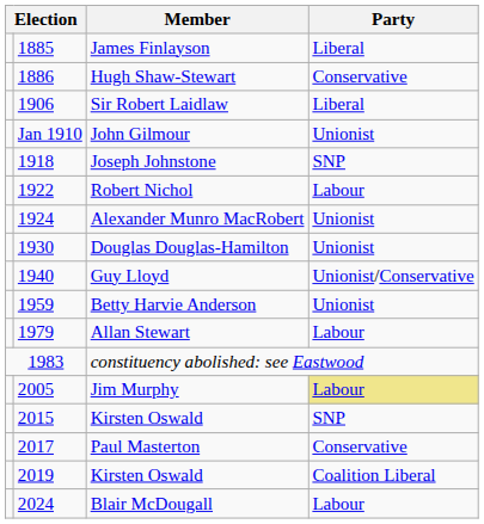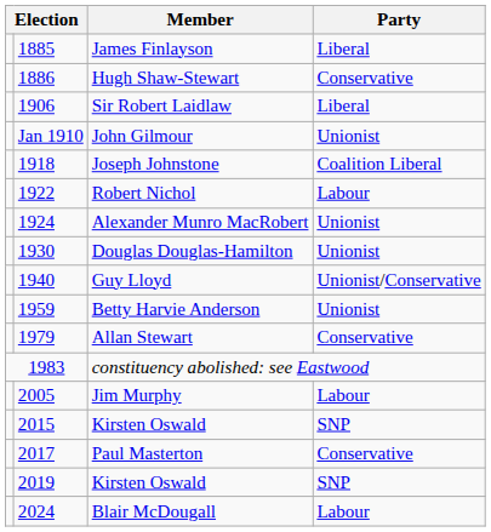 <table class="wikitable">
 <tr>
 <th colspan="2">Election</th>
 <th>Member</th>
 <th>Party</th>
 </tr>
 <tr>
 <td style="color:inherit;background-color: "></td>
 <td><a href='#'>1885</a></td>
 <td><a href='#'>James Finlayson</a></td>
 <td><a href='#'>Liberal</a></td>
 </tr>
 <tr>
 <td style="color:inherit;background-color: "></td>
 <td><a href='#'>1886</a></td>
 <td><a href='#'>Hugh Shaw-Stewart</a></td>
 <td><a href='#'>Conservative</a></td>
 </tr>
 <tr>
 <td style="color:inherit;background-color: "></td>
 <td><a href='#'>1906</a></td>
 <td><a href='#'>Sir Robert Laidlaw</a></td>
 <td><a href='#'>Liberal</a></td>
 </tr>
 <tr>
 <td style="color:inherit;background-color: "></td>
 <td><a href='#'>Jan 1910</a></td>
 <td><a href='#'>John Gilmour</a></td>
 <td><a href='#'>Unionist</a></td>
 </tr>
 <tr>
 <td style="color:inherit;background-color: "></td>
 <td><a href='#'>1918</a></td>
 <td><a href='#'>Joseph Johnstone</a></td>
-<td><a href='#'>SNP</a></td>
+<td><a href='#'>Coalition Liberal</a></td>
 </tr>
 <tr>
 <td style="color:inherit;background-color: "></td>
 <td><a href='#'>1922</a></td>
 <td><a href='#'>Robert Nichol</a></td>
 <td><a href='#'>Labour</a></td>
 </tr>
 <tr>
 <td style="color:inherit;background-color: "></td>
 <td><a href='#'>1924</a></td>
 <td><a href='#'>Alexander Munro MacRobert</a></td>
 <td><a href='#'>Unionist</a></td>
 </tr>
 <tr>
 <td style="color:inherit;background-color: "></td>
 <td><a href='#'>1930</a></td>
 <td><a href='#'>Douglas Douglas-Hamilton</a></td>
 <td><a href='#'>Unionist</a></td>
 </tr>
 <tr>
 <td style="color:inherit;background-color: "></td>
 <td><a href='#'>1940</a></td>
 <td><a href='#'>Guy Lloyd</a></td>
 <td><a href='#'>Unionist</a>/<a href='#'>Conservative</a></td>
 </tr>
 <tr>
 <td style="color:inherit;background-color: "></td>
 <td><a href='#'>1959</a></td>
 <td><a href='#'>Betty Harvie Anderson</a></td>
 <td><a href='#'>Unionist</a></td>
 </tr>
 <tr>
 <td style="color:inherit;background-color: "></td>
 <td><a href='#'>1979</a></td>
 <td><a href='#'>Allan Stewart</a></td>
-<td><a href='#'>Labour</a></td>
+<td><a href='#'>Conservative</a></td>
 </tr>
 <tr>
 <td colspan="2" style="text-align:center;"><a href='#'>1983</a></td>
 <td colspan="2"><em>constituency abolished: see <a href='#'>Eastwood</a></em></td>
 </tr>
 <tr>
 <td style="color:inherit;background-color: "></td>
 <td><a href='#'>2005</a></td>
 <td><a href='#'>Jim Murphy</a></td>
-<td style="background: khaki;"><a href='#'>Labour</a></td>
+<td><a href='#'>Labour</a></td>
 </tr>
 <tr>
 <td style="color:inherit;background-color: "></td>
 <td><a href='#'>2015</a></td>
 <td><a href='#'>Kirsten Oswald</a></td>
 <td><a href='#'>SNP</a></td>
 </tr>
 <tr>
 <td style="color:inherit;background-color: "></td>
 <td><a href='#'>2017</a></td>
 <td><a href='#'>Paul Masterton</a></td>
 <td><a href='#'>Conservative</a></td>
 </tr>
 <tr>
 <td style="color:inherit;background-color: "></td>
 <td><a href='#'>2019</a></td>
 <td><a href='#'>Kirsten Oswald</a></td>
-<td><a href='#'>Coalition Liberal</a></td>
+<td><a href='#'>SNP</a></td>
 </tr>
 <tr>
 <td style="color:inherit;background-color: "></td>
 <td><a href='#'>2024</a></td>
 <td><a href='#'>Blair McDougall</a></td>
 <td><a href='#'>Labour</a></td>
 </tr>
 </table>
